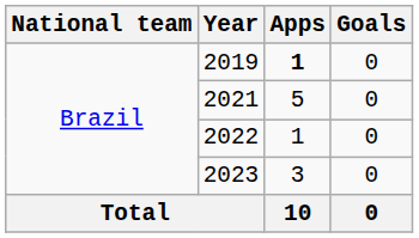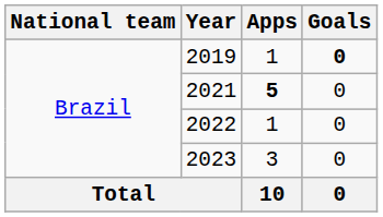 <table class=wikitable style=text-align:center>
 <tr>
 <th>National team</th>
 <th>Year</th>
 <th>Apps</th>
 <th>Goals</th>
 </tr>
 <tr>
 <td rowspan="4"><a href='#'>Brazil</a></td>
 <td>2019</td>
-<td><strong>1</strong></td>
-<td>0</td>
+<td>1</td>
+<td><strong>0</strong></td>
 </tr>
 <tr>
 <td>2021</td>
-<td>5</td>
+<td><strong>5</strong></td>
 <td>0</td>
 </tr>
 <tr>
 <td>2022</td>
 <td>1</td>
 <td>0</td>
 </tr>
 <tr>
 <td>2023</td>
 <td>3</td>
 <td>0</td>
 </tr>
 <tr>
 <th colspan=2>Total</th>
 <th>10</th>
 <th>0</th>
 </tr>
 </table>
